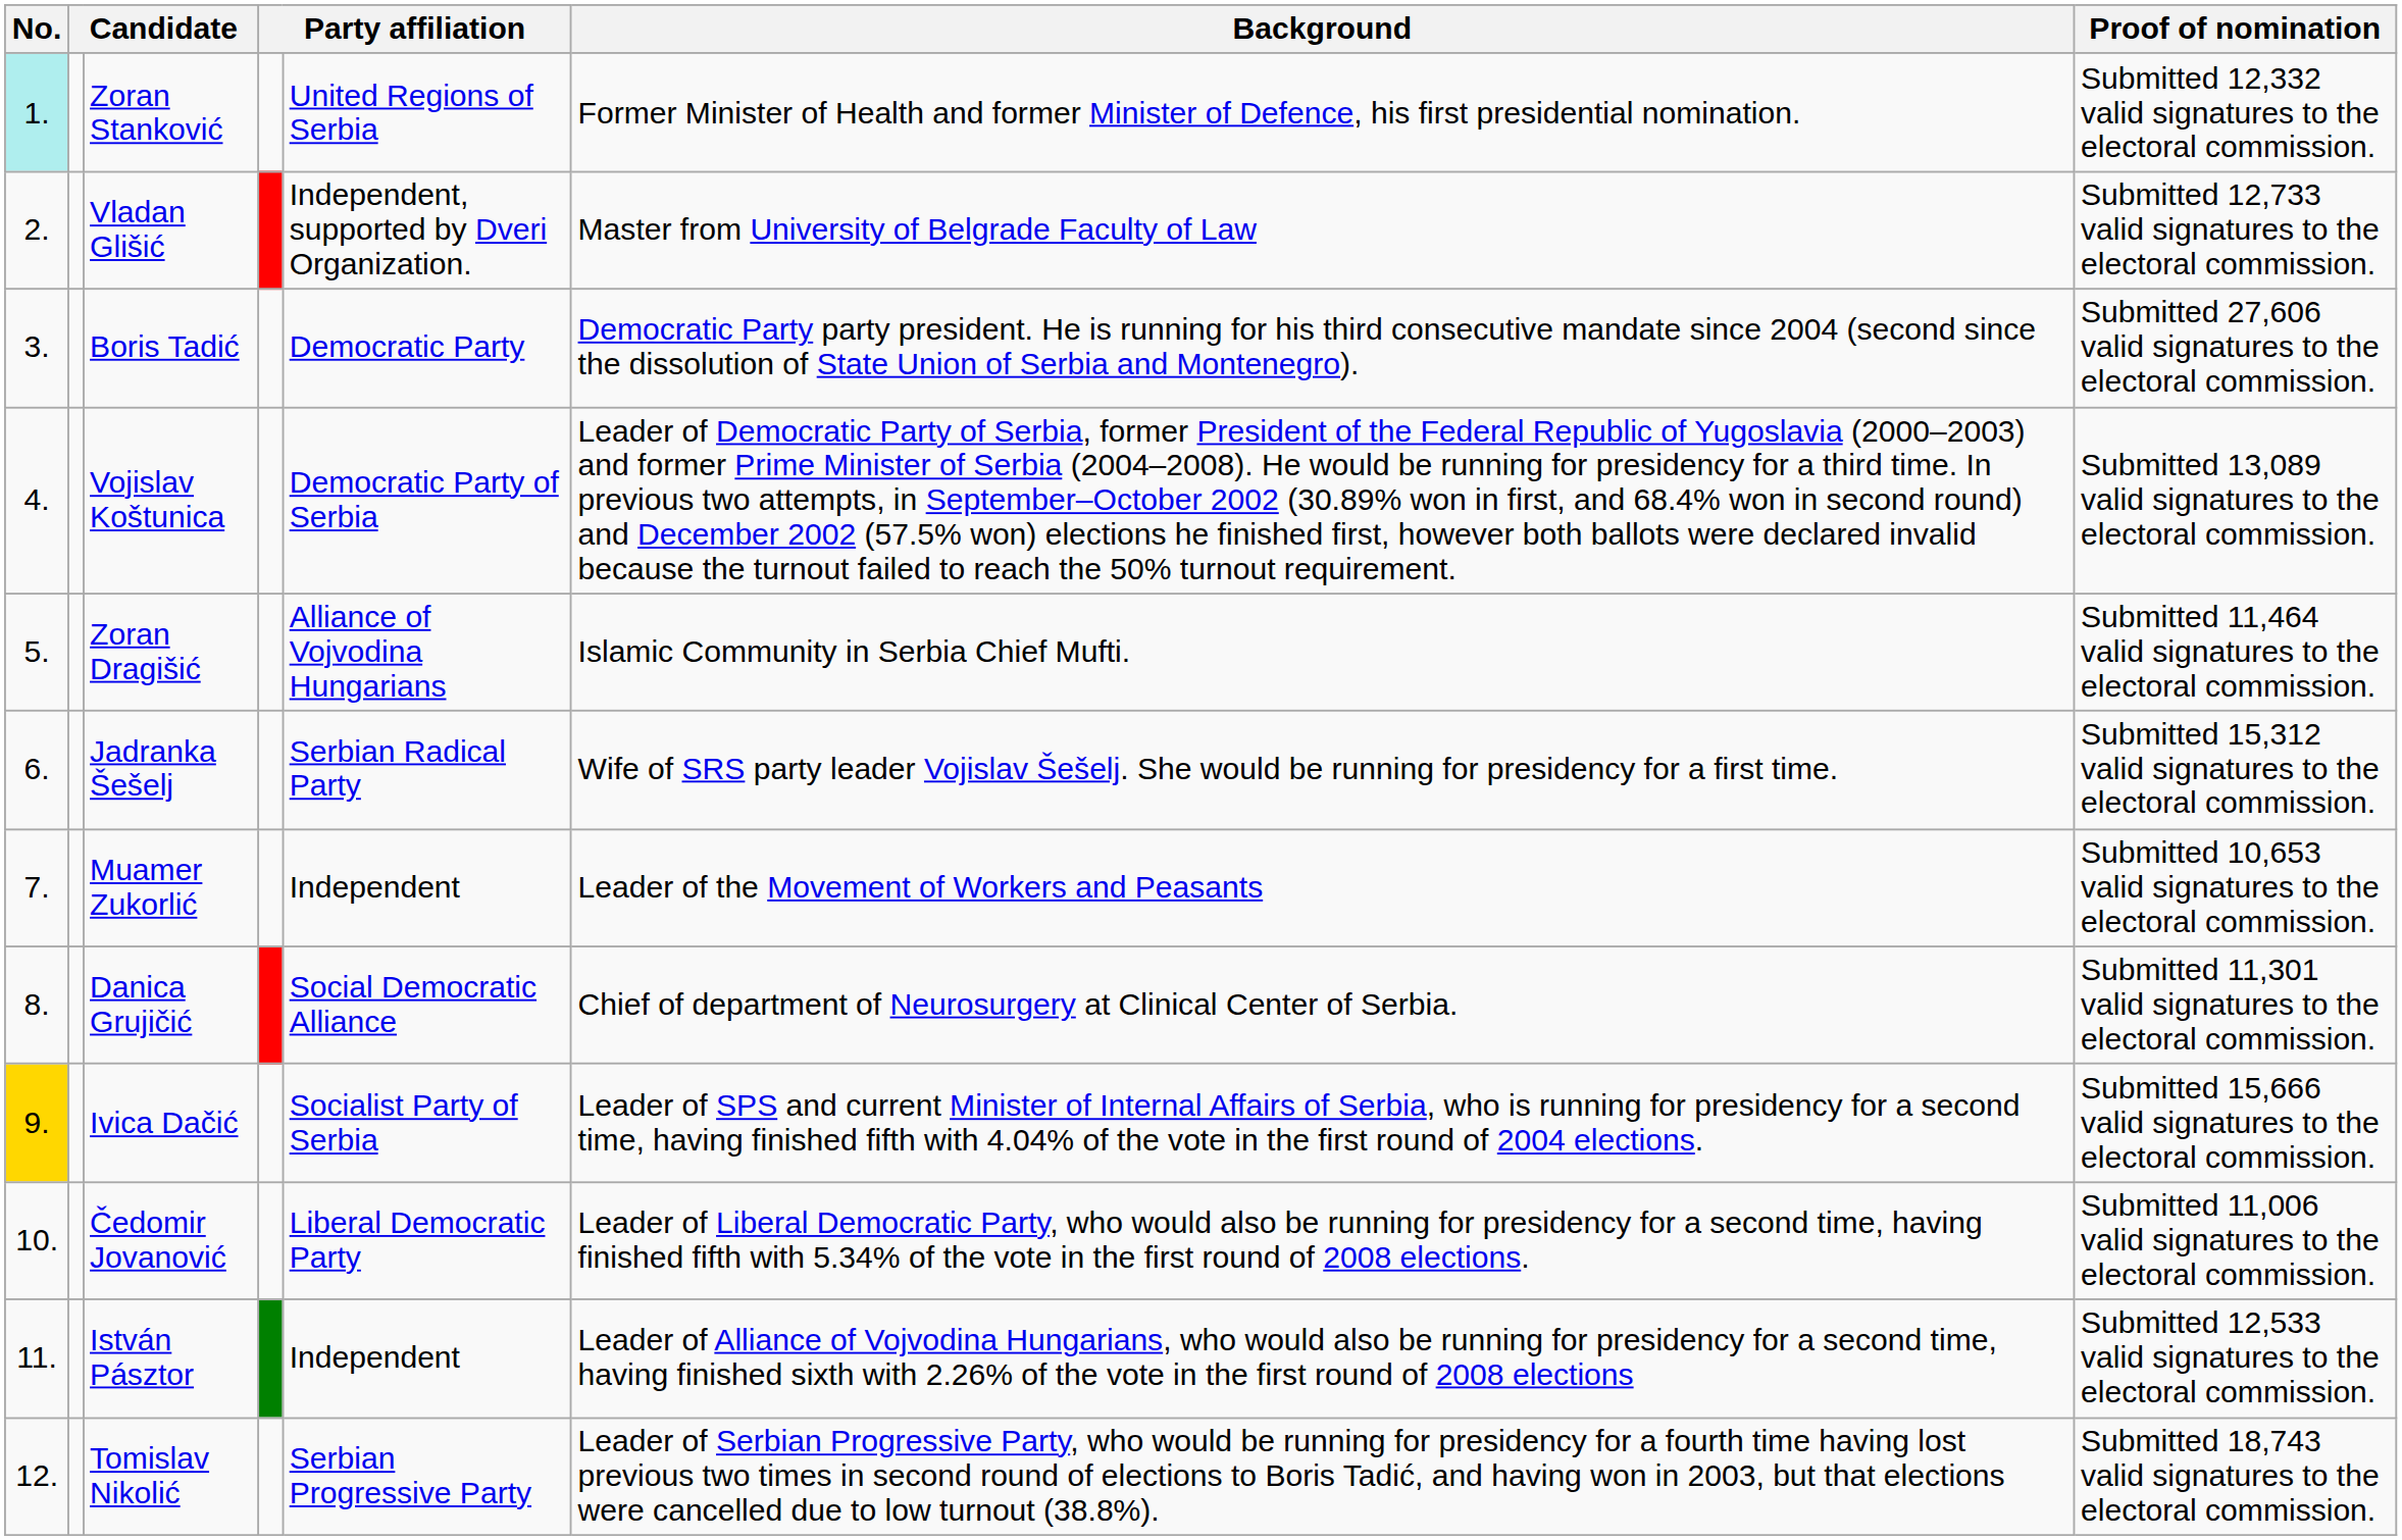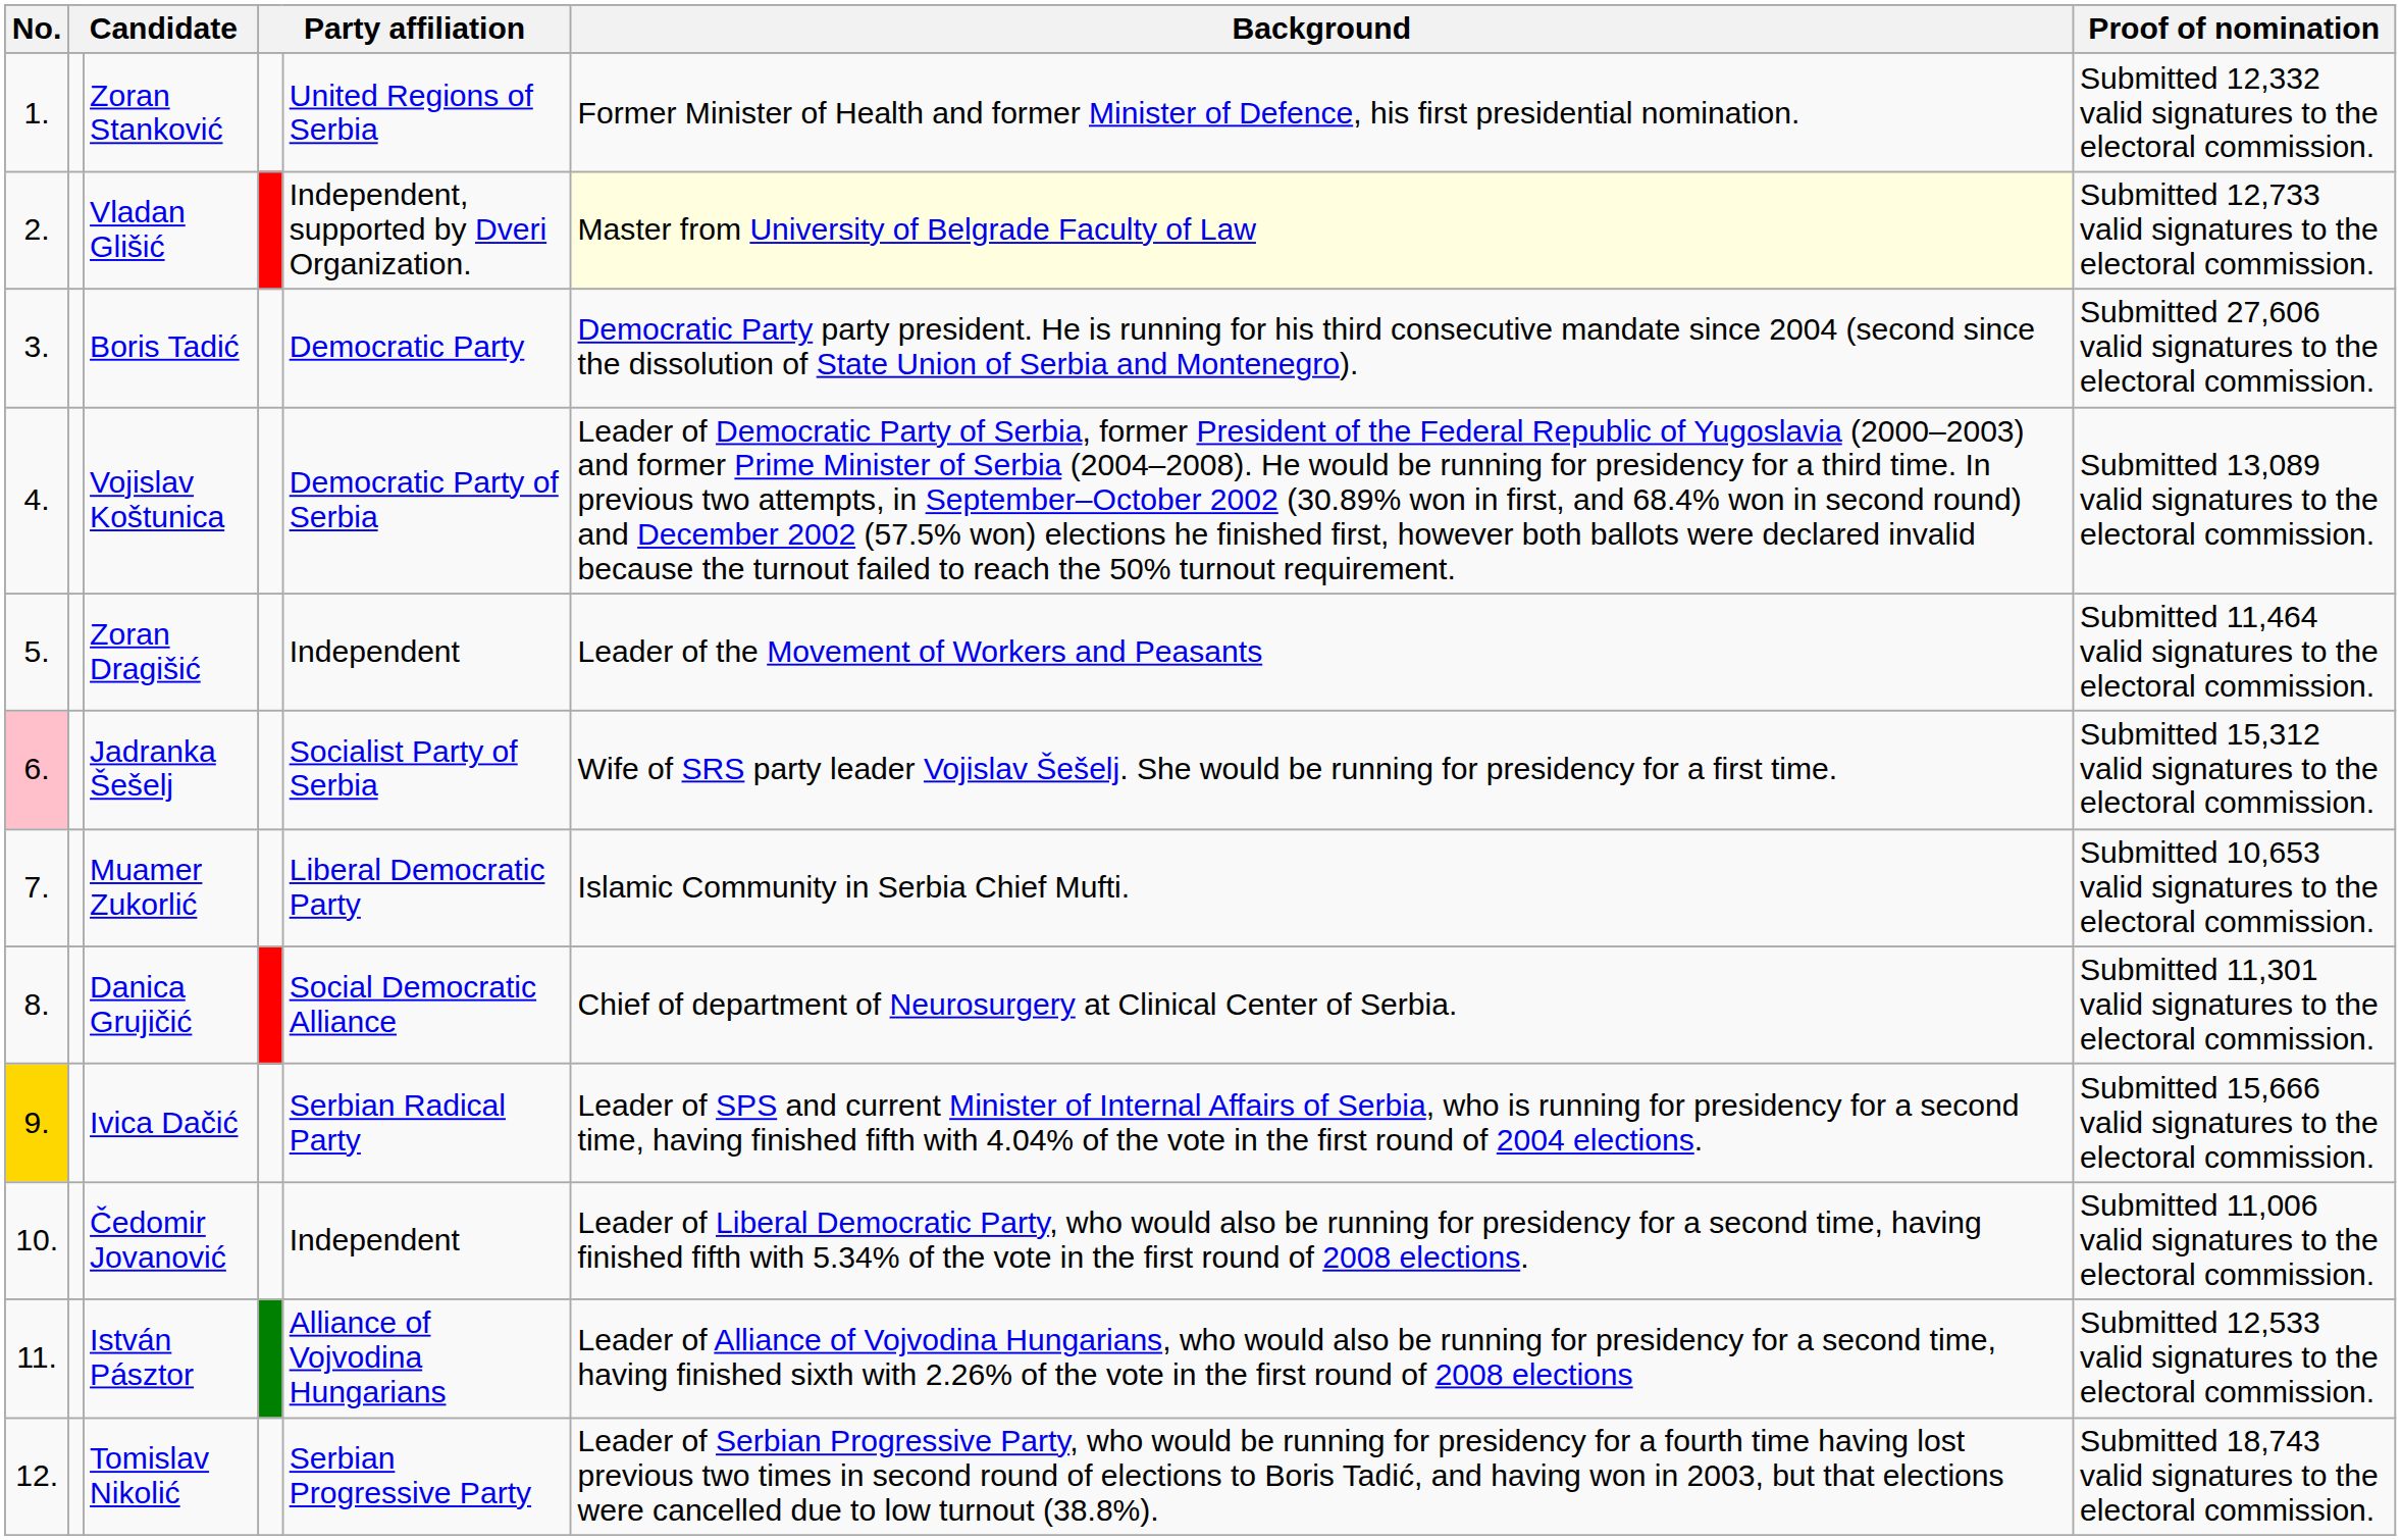 <table class="wikitable">
 <tr>
 <th>No.</th>
 <th colspan=2>Candidate</th>
 <th colspan=2>Party affiliation</th>
 <th>Background</th>
 <th>Proof of nomination</th>
 </tr>
 <tr>
-<td style="background: paleturquoise; text-align:center;">1.</td>
+<td style="text-align:center;">1.</td>
 <td></td>
 <td><a href='#'>Zoran Stanković</a></td>
 <td style="width:5px; background: "> </td>
 <td><a href='#'>United Regions of Serbia</a></td>
 <td>Former Minister of Health and former <a href='#'>Minister of Defence</a>, his first presidential nomination.</td>
 <td>Submitted 12,332 valid signatures to the electoral commission.</td>
 </tr>
 <tr>
 <td style="text-align:center;">2.</td>
 <td></td>
 <td><a href='#'>Vladan Glišić</a></td>
 <td style="width:5px; background:red;"> </td>
 <td>Independent, supported by <a href='#'>Dveri</a> Organization.</td>
-<td>Master from <a href='#'>University of Belgrade Faculty of Law</a></td>
+<td style="background: lightyellow;">Master from <a href='#'>University of Belgrade Faculty of Law</a></td>
 <td>Submitted 12,733 valid signatures to the electoral commission.</td>
 </tr>
 <tr>
 <td style="text-align:center;">3.</td>
 <td></td>
 <td><a href='#'>Boris Tadić</a></td>
 <td style="width:5px; background: "> </td>
 <td><a href='#'>Democratic Party</a></td>
 <td><a href='#'>Democratic Party</a> party president. He is running for his third consecutive mandate since 2004 (second since the dissolution of <a href='#'>State Union of Serbia and Montenegro</a>).</td>
 <td>Submitted 27,606 valid signatures to the electoral commission.</td>
 </tr>
 <tr>
 <td style="text-align:center;">4.</td>
 <td></td>
 <td><a href='#'>Vojislav Koštunica</a></td>
 <td style="width:5px; background: "> </td>
 <td><a href='#'>Democratic Party of Serbia</a></td>
 <td>Leader of <a href='#'>Democratic Party of Serbia</a>, former <a href='#'>President of the Federal Republic of Yugoslavia</a> (2000–2003) and former <a href='#'>Prime Minister of Serbia</a> (2004–2008). He would be running for presidency for a third time. In previous two attempts, in <a href='#'>September–October 2002</a> (30.89% won in first, and 68.4% won in second round) and <a href='#'>December 2002</a> (57.5% won) elections he finished first, however both ballots were declared invalid because the turnout failed to reach the 50% turnout requirement.</td>
 <td>Submitted 13,089 valid signatures to the electoral commission.</td>
 </tr>
 <tr>
 <td style="text-align:center;">5.</td>
 <td></td>
 <td><a href='#'>Zoran Dragišić</a></td>
 <td style="width:5px;"> </td>
-<td><a href='#'>Alliance of Vojvodina Hungarians</a></td>
-<td>Islamic Community in Serbia Chief Mufti.</td>
+<td>Independent</td>
+<td>Leader of the <a href='#'>Movement of Workers and Peasants</a></td>
 <td>Submitted 11,464 valid signatures to the electoral commission.</td>
 </tr>
 <tr>
-<td style="text-align:center;">6.</td>
+<td style="background: pink; text-align:center;">6.</td>
 <td></td>
 <td><a href='#'>Jadranka Šešelj</a></td>
 <td style="width:5px; background: "> </td>
-<td><a href='#'>Serbian Radical Party</a></td>
+<td><a href='#'>Socialist Party of Serbia</a></td>
 <td>Wife of <a href='#'>SRS</a> party leader <a href='#'>Vojislav Šešelj</a>. She would be running for presidency for a first time.</td>
 <td>Submitted 15,312 valid signatures to the electoral commission.</td>
 </tr>
 <tr>
 <td style="text-align:center;">7.</td>
 <td></td>
 <td><a href='#'>Muamer Zukorlić</a></td>
 <td style="width:5px;"> </td>
-<td>Independent</td>
-<td>Leader of the <a href='#'>Movement of Workers and Peasants</a></td>
+<td><a href='#'>Liberal Democratic Party</a></td>
+<td>Islamic Community in Serbia Chief Mufti.</td>
 <td>Submitted 10,653 valid signatures to the electoral commission.</td>
 </tr>
 <tr>
 <td style="text-align:center;">8.</td>
 <td></td>
 <td><a href='#'>Danica Grujičić</a></td>
 <td style="width:5px; background:red;"> </td>
 <td><a href='#'>Social Democratic Alliance</a></td>
 <td>Chief of department of <a href='#'>Neurosurgery</a> at Clinical Center of Serbia.</td>
 <td>Submitted 11,301 valid signatures to the electoral commission.</td>
 </tr>
 <tr>
 <td style="background: gold; text-align:center;">9.</td>
 <td></td>
 <td><a href='#'>Ivica Dačić</a></td>
 <td style="width:5px; background: "> </td>
-<td><a href='#'>Socialist Party of Serbia</a></td>
+<td><a href='#'>Serbian Radical Party</a></td>
 <td>Leader of <a href='#'>SPS</a> and current <a href='#'>Minister of Internal Affairs of Serbia</a>, who is running for presidency for a second time, having finished fifth with 4.04% of the vote in the first round of <a href='#'>2004 elections</a>.</td>
 <td>Submitted 15,666 valid signatures to the electoral commission.</td>
 </tr>
 <tr>
 <td style="text-align:center;">10.</td>
 <td></td>
 <td><a href='#'>Čedomir Jovanović</a></td>
 <td style="width:5px; background: "> </td>
-<td><a href='#'>Liberal Democratic Party</a></td>
+<td>Independent</td>
 <td>Leader of <a href='#'>Liberal Democratic Party</a>, who would also be running for presidency for a second time, having finished fifth with 5.34% of the vote in the first round of <a href='#'>2008 elections</a>.</td>
 <td>Submitted 11,006 valid signatures to the electoral commission.</td>
 </tr>
 <tr>
 <td style="text-align:center;">11.</td>
 <td></td>
 <td><a href='#'>István Pásztor</a></td>
 <td style="width:5px; background:green;"> </td>
-<td>Independent</td>
+<td><a href='#'>Alliance of Vojvodina Hungarians</a></td>
 <td>Leader of <a href='#'>Alliance of Vojvodina Hungarians</a>, who would also be running for presidency for a second time, having finished sixth with 2.26% of the vote in the first round of <a href='#'>2008 elections</a></td>
 <td>Submitted 12,533 valid signatures to the electoral commission.</td>
 </tr>
 <tr>
 <td style="text-align:center;">12.</td>
 <td></td>
 <td><a href='#'>Tomislav Nikolić</a></td>
 <td style="width:5px; background: "> </td>
 <td><a href='#'>Serbian Progressive Party</a></td>
 <td>Leader of <a href='#'>Serbian Progressive Party</a>, who would be running for presidency for a fourth time having lost previous two times in second round of elections to Boris Tadić, and having won in 2003, but that elections were cancelled due to low turnout (38.8%).</td>
 <td>Submitted 18,743 valid signatures to the electoral commission.</td>
 </tr>
 </table>
